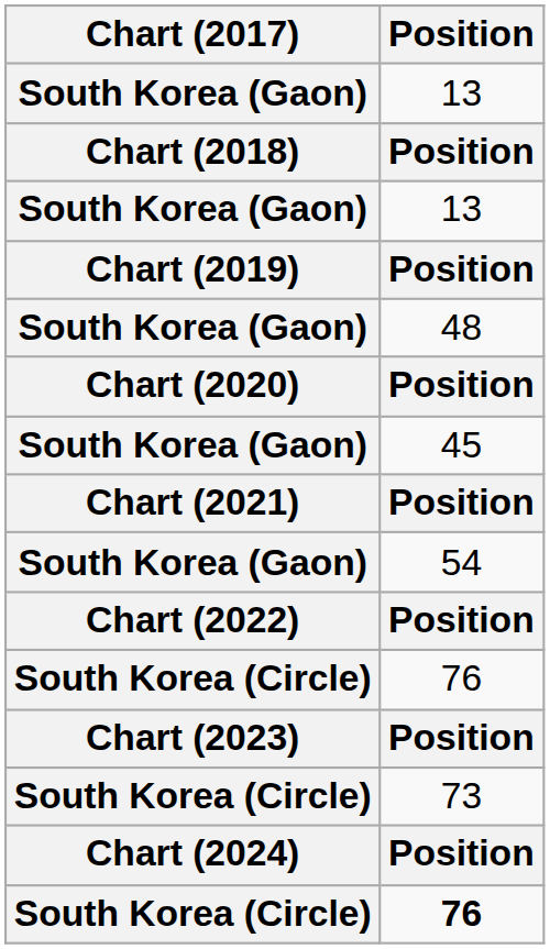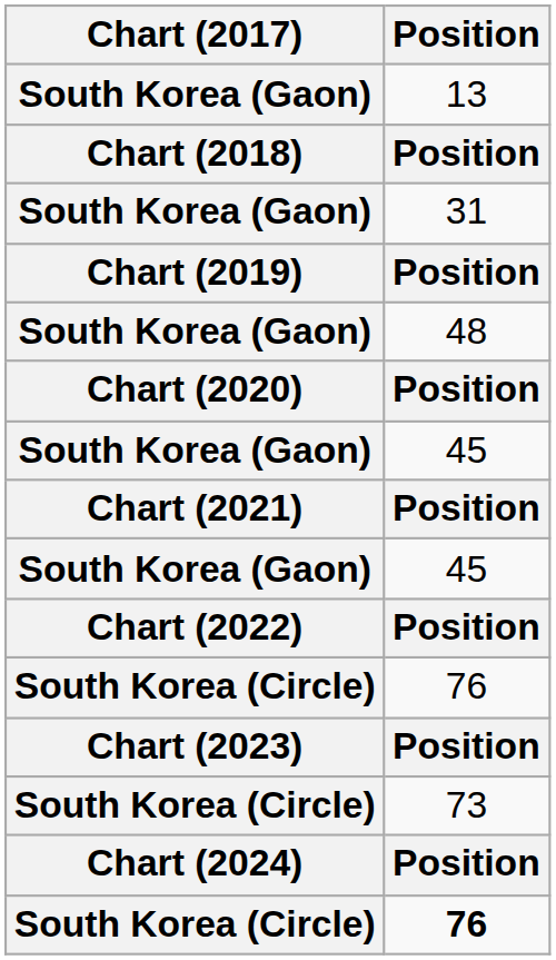 <table class="wikitable plainrowheaders" style="text-align:center">
 <tr>
 <th scope="col">Chart (2017)</th>
 <th scope="col">Position</th>
 </tr>
 <tr>
 <th scope="row">South Korea (Gaon)</th>
 <td>13</td>
 </tr>
 <tr>
 <th scope="col">Chart (2018)</th>
 <th scope="col">Position</th>
 </tr>
 <tr>
 <th scope="row">South Korea (Gaon)</th>
-<td>13</td>
+<td>31</td>
 </tr>
 <tr>
 <th scope="col">Chart (2019)</th>
 <th scope="col">Position</th>
 </tr>
 <tr>
 <th scope="row">South Korea (Gaon)</th>
 <td>48</td>
 </tr>
 <tr>
 <th scope="col">Chart (2020)</th>
 <th scope="col">Position</th>
 </tr>
 <tr>
 <th scope="row">South Korea (Gaon)</th>
 <td>45</td>
 </tr>
 <tr>
 <th scope="col">Chart (2021)</th>
 <th scope="col">Position</th>
 </tr>
 <tr>
 <th scope="row">South Korea (Gaon)</th>
-<td>54</td>
+<td>45</td>
 </tr>
 <tr>
 <th scope="col">Chart (2022)</th>
 <th scope="col">Position</th>
 </tr>
 <tr>
 <th scope="row">South Korea (Circle)</th>
 <td>76</td>
 </tr>
 <tr>
 <th scope="col">Chart (2023)</th>
 <th scope="col">Position</th>
 </tr>
 <tr>
 <th scope="row">South Korea (Circle)</th>
 <td>73</td>
 </tr>
 <tr>
 <th scope="col">Chart (2024)</th>
 <th scope="col">Position</th>
 </tr>
 <tr>
 <th scope="row">South Korea (Circle)</th>
 <td><strong>76</strong></td>
 </tr>
 </table>
